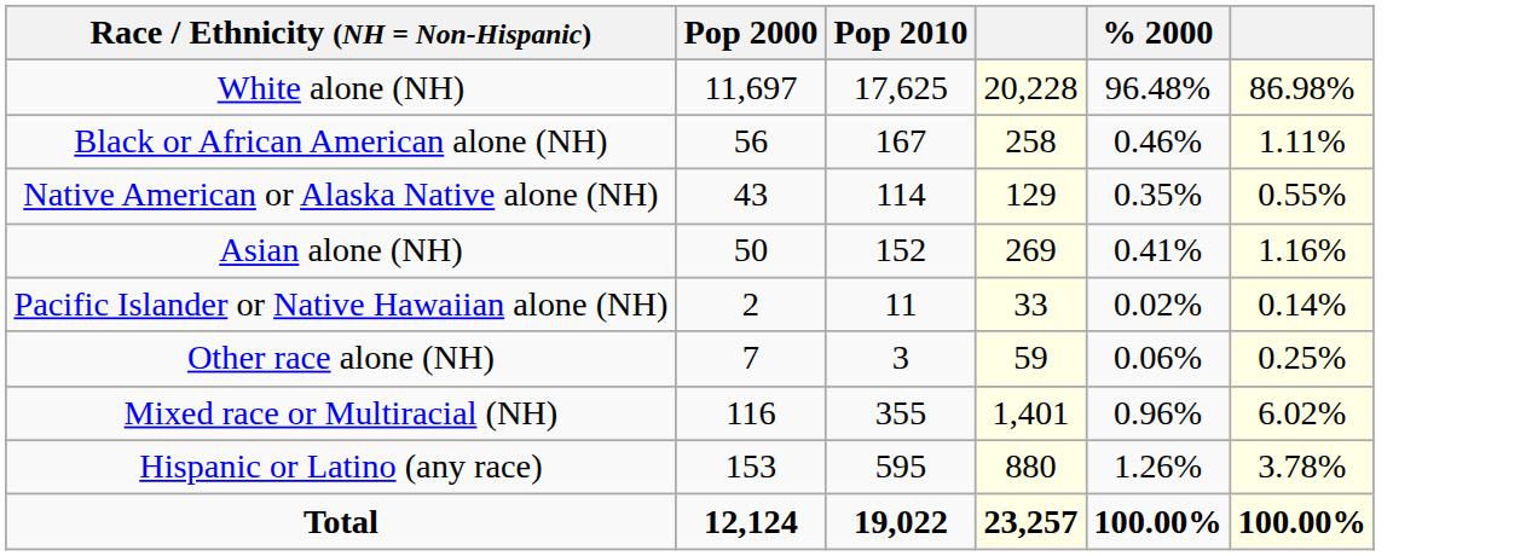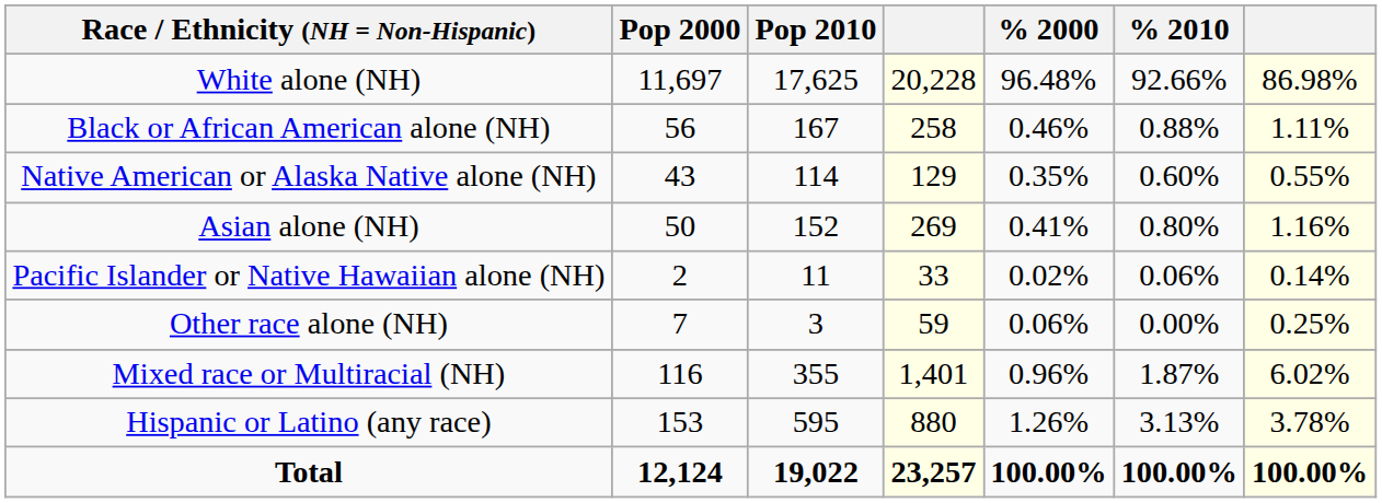 <table class="wikitable" style="text-align:center;">
 <tr>
 <th>Race / Ethnicity <small>(<em>NH = Non-Hispanic</em>)</small></th>
 <th>Pop 2000</th>
 <th>Pop 2010</th>
 <th></th>
 <th>% 2000</th>
+<th>% 2010</th>
 <th></th>
 </tr>
 <tr>
 <td><a href='#'>White</a> alone (NH)</td>
 <td>11,697</td>
 <td>17,625</td>
 <td style='background: #ffffe6;'>20,228</td>
 <td>96.48%</td>
+<td>92.66%</td>
 <td style='background: #ffffe6;'>86.98%</td>
 </tr>
 <tr>
 <td><a href='#'>Black or African American</a> alone (NH)</td>
 <td>56</td>
 <td>167</td>
 <td style='background: #ffffe6;'>258</td>
 <td>0.46%</td>
+<td>0.88%</td>
 <td style='background: #ffffe6;'>1.11%</td>
 </tr>
 <tr>
 <td><a href='#'>Native American</a> or <a href='#'>Alaska Native</a> alone (NH)</td>
 <td>43</td>
 <td>114</td>
 <td style='background: #ffffe6;'>129</td>
 <td>0.35%</td>
+<td>0.60%</td>
 <td style='background: #ffffe6;'>0.55%</td>
 </tr>
 <tr>
 <td><a href='#'>Asian</a> alone (NH)</td>
 <td>50</td>
 <td>152</td>
 <td style='background: #ffffe6;'>269</td>
 <td>0.41%</td>
+<td>0.80%</td>
 <td style='background: #ffffe6;'>1.16%</td>
 </tr>
 <tr>
 <td><a href='#'>Pacific Islander</a> or <a href='#'>Native Hawaiian</a> alone (NH)</td>
 <td>2</td>
 <td>11</td>
 <td style='background: #ffffe6;'>33</td>
 <td>0.02%</td>
+<td>0.06%</td>
 <td style='background: #ffffe6;'>0.14%</td>
 </tr>
 <tr>
 <td><a href='#'>Other race</a> alone (NH)</td>
 <td>7</td>
 <td>3</td>
 <td style='background: #ffffe6;'>59</td>
 <td>0.06%</td>
+<td>0.00%</td>
 <td style='background: #ffffe6;'>0.25%</td>
 </tr>
 <tr>
 <td><a href='#'>Mixed race or Multiracial</a> (NH)</td>
 <td>116</td>
 <td>355</td>
 <td style='background: #ffffe6;'>1,401</td>
 <td>0.96%</td>
+<td>1.87%</td>
 <td style='background: #ffffe6;'>6.02%</td>
 </tr>
 <tr>
 <td><a href='#'>Hispanic or Latino</a> (any race)</td>
 <td>153</td>
 <td>595</td>
 <td style='background: #ffffe6;'>880</td>
 <td>1.26%</td>
+<td>3.13%</td>
 <td style='background: #ffffe6;'>3.78%</td>
 </tr>
 <tr>
 <td><strong>Total</strong></td>
 <td><strong>12,124</strong></td>
 <td><strong>19,022</strong></td>
 <td style='background: #ffffe6;'><strong>23,257</strong></td>
 <td><strong>100.00%</strong></td>
+<td><strong>100.00%</strong></td>
 <td style='background: #ffffe6;'><strong>100.00%</strong></td>
 </tr>
 </table>
